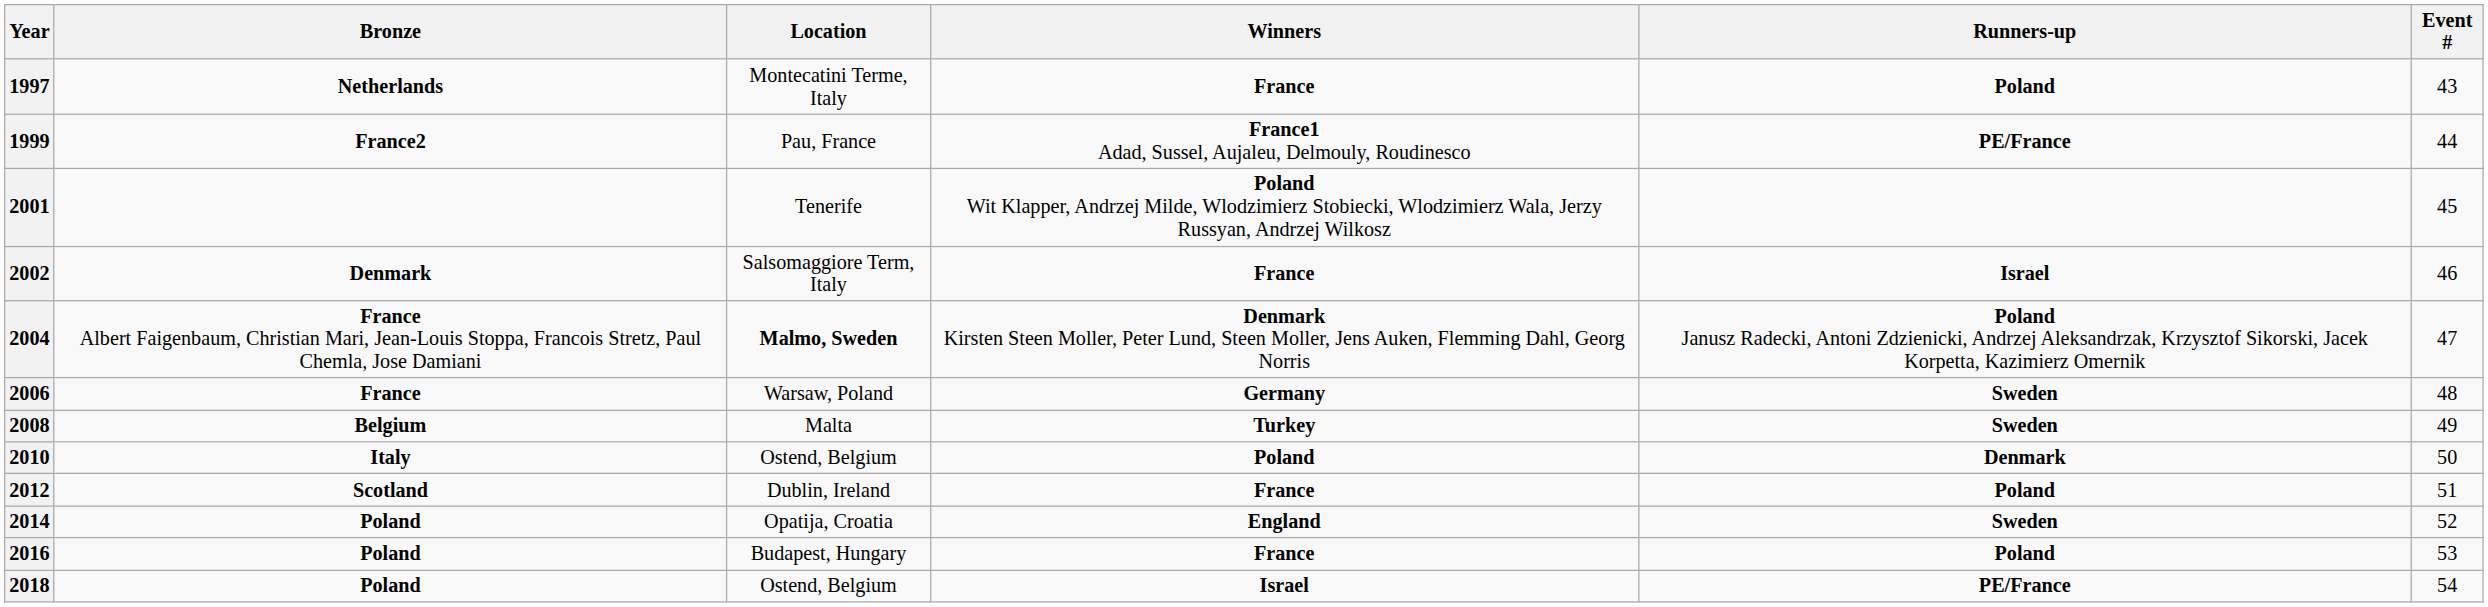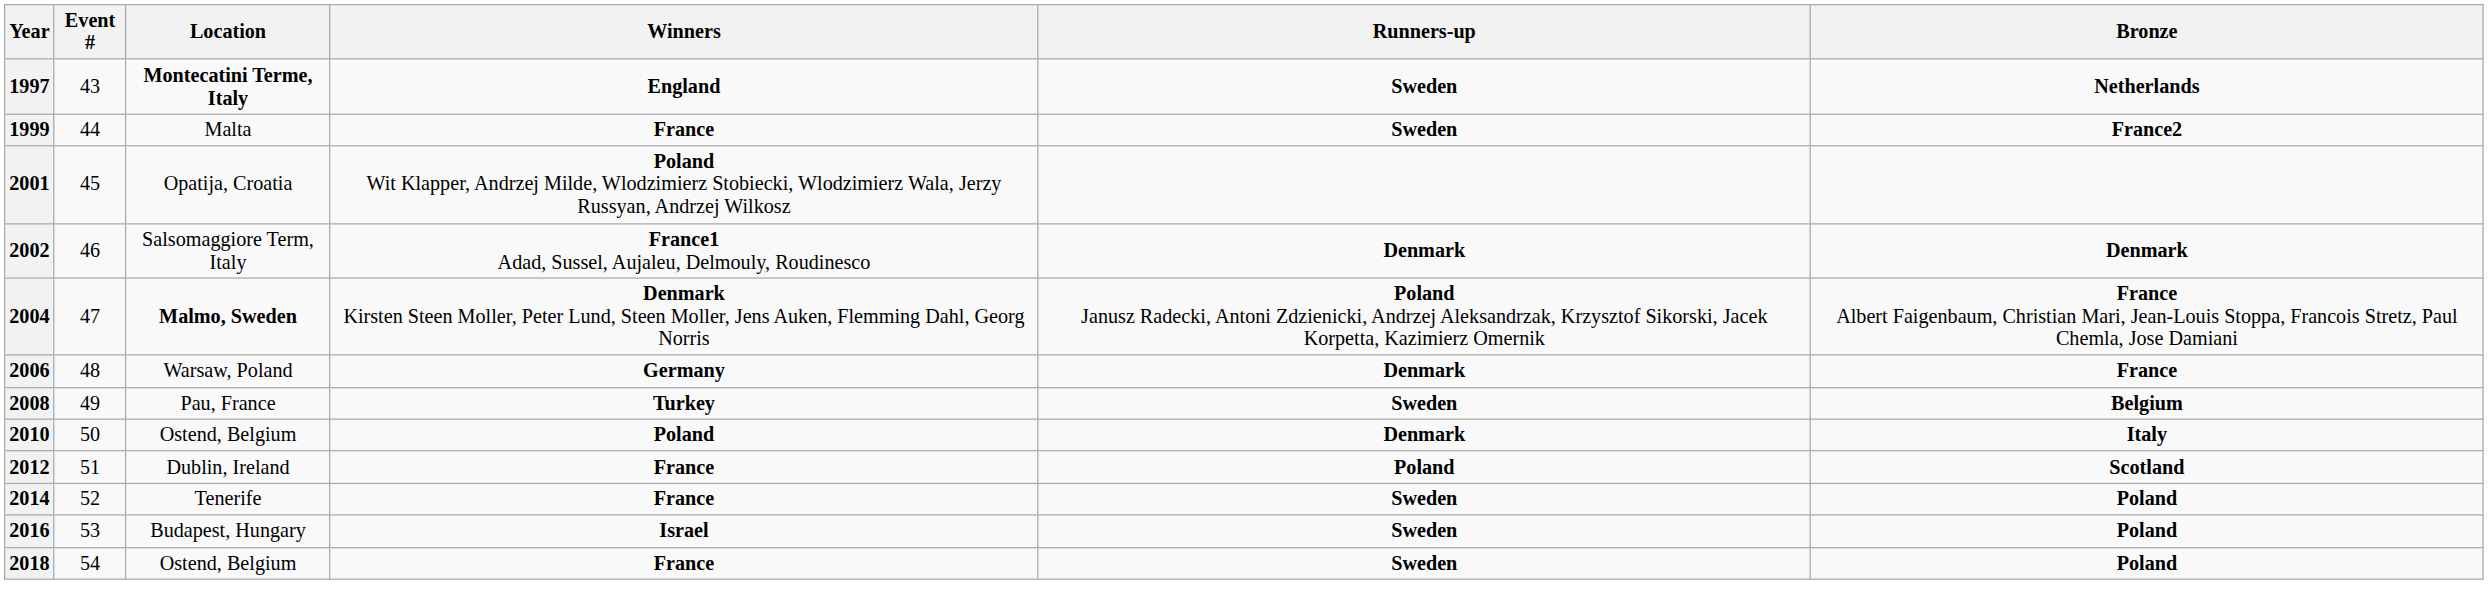 <table class="wikitable" style="text-align:center">
 <tr>
 <th>Year</th>
-<th>Bronze</th>
+<th>Event #</th>
 <th>Location</th>
 <th>Winners</th>
 <th>Runners-up</th>
-<th>Event #</th>
+<th>Bronze</th>
 </tr>
 <tr>
 <th>1997<br></th>
+<td>43</td>
+<td><strong>Montecatini Terme, Italy</strong></td>
+<td> <strong>England</strong></td>
+<td> <strong>Sweden</strong></td>
 <td> <strong>Netherlands</strong></td>
-<td>Montecatini Terme, Italy</td>
-<td> <strong>France</strong></td>
-<td> <strong>Poland</strong></td>
-<td>43</td>
 </tr>
 <tr>
 <th>1999<br></th>
+<td>44</td>
+<td>Malta</td>
+<td> <strong>France</strong></td>
+<td> <strong>Sweden</strong></td>
 <td> <strong>France2</strong></td>
-<td>Pau, France</td>
-<td> <strong>France1</strong><br>Adad, Sussel, Aujaleu, Delmouly, Roudinesco</td>
-<td> <strong>PE/France</strong></td>
-<td>44</td>
 </tr>
 <tr>
 <th>2001<br></th>
-<td></td>
-<td>Tenerife</td>
+<td>45</td>
+<td>Opatija, Croatia</td>
 <td> <strong>Poland</strong><br>Wit Klapper, Andrzej Milde, Wlodzimierz Stobiecki, Wlodzimierz Wala, Jerzy Russyan, Andrzej Wilkosz</td>
 <td></td>
-<td>45</td>
+<td></td>
 </tr>
 <tr>
 <th>2002<br></th>
+<td>46</td>
+<td>Salsomaggiore Term, Italy</td>
+<td> <strong>France1</strong><br>Adad, Sussel, Aujaleu, Delmouly, Roudinesco</td>
 <td> <strong>Denmark</strong></td>
-<td>Salsomaggiore Term, Italy</td>
-<td> <strong>France</strong></td>
-<td> <strong>Israel</strong></td>
-<td>46</td>
+<td> <strong>Denmark</strong></td>
 </tr>
 <tr>
 <th>2004<br></th>
-<td> <strong>France</strong><br>Albert Faigenbaum, Christian Mari, Jean-Louis Stoppa, Francois Stretz, Paul Chemla, Jose Damiani</td>
+<td>47</td>
 <td><strong>Malmo, Sweden</strong></td>
 <td> <strong>Denmark</strong><br>Kirsten Steen Moller, Peter Lund, Steen Moller, Jens Auken, Flemming Dahl, Georg Norris</td>
 <td> <strong>Poland</strong><br>Janusz Radecki, Antoni Zdzienicki, Andrzej Aleksandrzak, Krzysztof Sikorski, Jacek Korpetta, Kazimierz Omernik</td>
-<td>47</td>
+<td> <strong>France</strong><br>Albert Faigenbaum, Christian Mari, Jean-Louis Stoppa, Francois Stretz, Paul Chemla, Jose Damiani</td>
 </tr>
 <tr>
 <th>2006<br></th>
-<td> <strong>France</strong></td>
+<td>48</td>
 <td>Warsaw, Poland</td>
 <td> <strong>Germany</strong></td>
-<td> <strong>Sweden</strong></td>
-<td>48</td>
+<td> <strong>Denmark</strong></td>
+<td> <strong>France</strong></td>
 </tr>
 <tr>
 <th>2008<br></th>
-<td> <strong>Belgium</strong></td>
-<td>Malta</td>
+<td>49</td>
+<td>Pau, France</td>
 <td> <strong>Turkey</strong></td>
 <td> <strong>Sweden</strong></td>
-<td>49</td>
+<td> <strong>Belgium</strong></td>
 </tr>
 <tr>
 <th>2010<br></th>
-<td> <strong>Italy</strong></td>
+<td>50</td>
 <td>Ostend, Belgium</td>
 <td> <strong>Poland</strong></td>
 <td> <strong>Denmark</strong></td>
-<td>50</td>
+<td> <strong>Italy</strong></td>
 </tr>
 <tr>
 <th>2012<br></th>
-<td> <strong>Scotland</strong></td>
+<td>51</td>
 <td>Dublin, Ireland</td>
 <td> <strong>France</strong></td>
 <td> <strong>Poland</strong></td>
-<td>51</td>
+<td> <strong>Scotland</strong></td>
 </tr>
 <tr>
 <th>2014<br></th>
+<td>52</td>
+<td>Tenerife</td>
+<td> <strong>France</strong></td>
+<td> <strong>Sweden</strong></td>
 <td> <strong>Poland</strong></td>
-<td>Opatija, Croatia</td>
-<td> <strong>England</strong></td>
-<td> <strong>Sweden</strong></td>
-<td>52</td>
 </tr>
 <tr>
 <th>2016<br></th>
+<td>53</td>
+<td>Budapest, Hungary</td>
+<td> <strong>Israel</strong></td>
+<td> <strong>Sweden</strong></td>
 <td> <strong>Poland</strong></td>
-<td>Budapest, Hungary</td>
-<td> <strong>France</strong></td>
-<td> <strong>Poland</strong></td>
-<td>53</td>
 </tr>
 <tr>
 <th>2018<br></th>
+<td>54</td>
+<td>Ostend, Belgium</td>
+<td> <strong>France</strong></td>
+<td> <strong>Sweden</strong></td>
 <td> <strong>Poland</strong></td>
-<td>Ostend, Belgium</td>
-<td> <strong>Israel</strong></td>
-<td> <strong>PE/France</strong></td>
-<td>54</td>
 </tr>
 </table>
